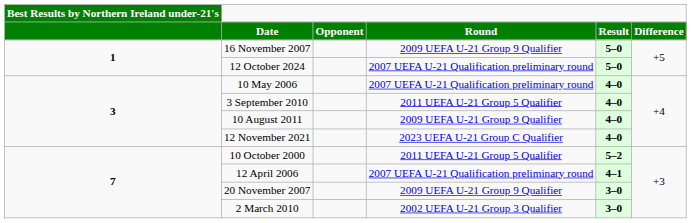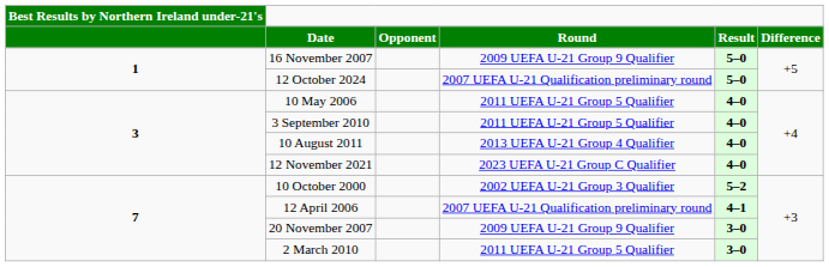 <table class="wikitable" style="text-align:center;">
 <tr>
 <th style="background-color:#008000; color:white; ">Best Results by Northern Ireland under-21's</th>
 </tr>
 <tr>
 <th style="background-color:#008000; color:white; "></th>
 <th style="background-color:#008000; color:white; ">Date</th>
 <th style="background-color:#008000; color:white; ">Opponent</th>
 <th style="background-color:#008000; color:white; ">Round</th>
 <th style="background-color:#008000; color:white; ">Result</th>
 <th style="background-color:#008000; color:white; ">Difference</th>
 </tr>
 <tr>
 <td rowspan="2"><strong>1</strong></td>
 <td>16 November 2007</td>
 <td style="text-align:left;"></td>
 <td> <a href='#'>2009 UEFA U-21 Group 9 Qualifier</a></td>
 <td style="background:#dfd;"><strong>5–0</strong></td>
 <td rowspan="2">+5</td>
 </tr>
 <tr>
 <td>12 October 2024</td>
 <td style="text-align:left;"></td>
 <td> <a href='#'>2007 UEFA U-21 Qualification preliminary round</a></td>
 <td style="background:#dfd;"><strong>5–0</strong></td>
 </tr>
 <tr>
 <td rowspan="4"><strong>3</strong></td>
 <td>10 May 2006</td>
 <td style="text-align:left;"></td>
-<td> <a href='#'>2007 UEFA U-21 Qualification preliminary round</a></td>
+<td> <a href='#'>2011 UEFA U-21 Group 5 Qualifier</a></td>
 <td style="background:#dfd;"><strong>4–0</strong></td>
 <td rowspan="4">+4</td>
 </tr>
 <tr>
 <td>3 September 2010</td>
 <td style="text-align:left;"></td>
 <td> <a href='#'>2011 UEFA U-21 Group 5 Qualifier</a></td>
 <td style="background:#dfd;"><strong>4–0</strong></td>
 </tr>
 <tr>
 <td>10 August 2011</td>
 <td style="text-align:left;"></td>
-<td> <a href='#'>2009 UEFA U-21 Group 9 Qualifier</a></td>
+<td> <a href='#'>2013 UEFA U-21 Group 4 Qualifier</a></td>
 <td style="background:#dfd;"><strong>4–0</strong></td>
 </tr>
 <tr>
 <td>12 November 2021</td>
 <td style="text-align:left;"></td>
 <td> <a href='#'>2023 UEFA U-21 Group C Qualifier</a></td>
 <td style="background:#dfd;"><strong>4–0</strong></td>
 </tr>
 <tr>
 <td rowspan="4"><strong>7</strong></td>
 <td>10 October 2000</td>
 <td style="text-align:left;"></td>
-<td> <a href='#'>2011 UEFA U-21 Group 5 Qualifier</a></td>
+<td> <a href='#'>2002 UEFA U-21 Group 3 Qualifier</a></td>
 <td style="background:#dfd;"><strong>5–2</strong></td>
 <td rowspan="4">+3</td>
 </tr>
 <tr>
 <td>12 April 2006</td>
 <td style="text-align:left;"></td>
 <td> <a href='#'>2007 UEFA U-21 Qualification preliminary round</a></td>
 <td style="background:#dfd;"><strong>4–1</strong></td>
 </tr>
 <tr>
 <td>20 November 2007</td>
 <td style="text-align:left;"></td>
 <td> <a href='#'>2009 UEFA U-21 Group 9 Qualifier</a></td>
 <td style="background:#dfd;"><strong>3–0</strong></td>
 </tr>
 <tr>
 <td>2 March 2010</td>
 <td style="text-align:left;"></td>
-<td> <a href='#'>2002 UEFA U-21 Group 3 Qualifier</a></td>
+<td> <a href='#'>2011 UEFA U-21 Group 5 Qualifier</a></td>
 <td style="background:#dfd;"><strong>3–0</strong></td>
 </tr>
 </table>
